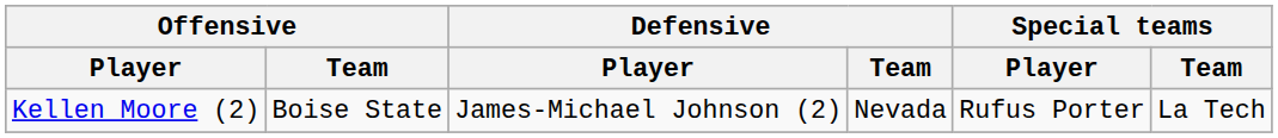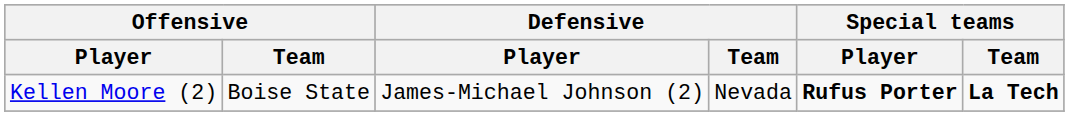 <table class="wikitable">
 <tr>
 <th colspan="2">Offensive</th>
 <th colspan="2">Defensive</th>
 <th colspan="2">Special teams</th>
 </tr>
 <tr>
 <th>Player</th>
 <th>Team</th>
 <th>Player</th>
 <th>Team</th>
 <th>Player</th>
 <th>Team</th>
 </tr>
 <tr>
 <td><a href='#'>Kellen Moore</a> (2)</td>
 <td>Boise State</td>
 <td>James-Michael Johnson (2)</td>
 <td>Nevada</td>
-<td>Rufus Porter</td>
-<td>La Tech</td>
+<td><strong>Rufus Porter</strong></td>
+<td><strong>La Tech</strong></td>
 </tr>
 </table>
